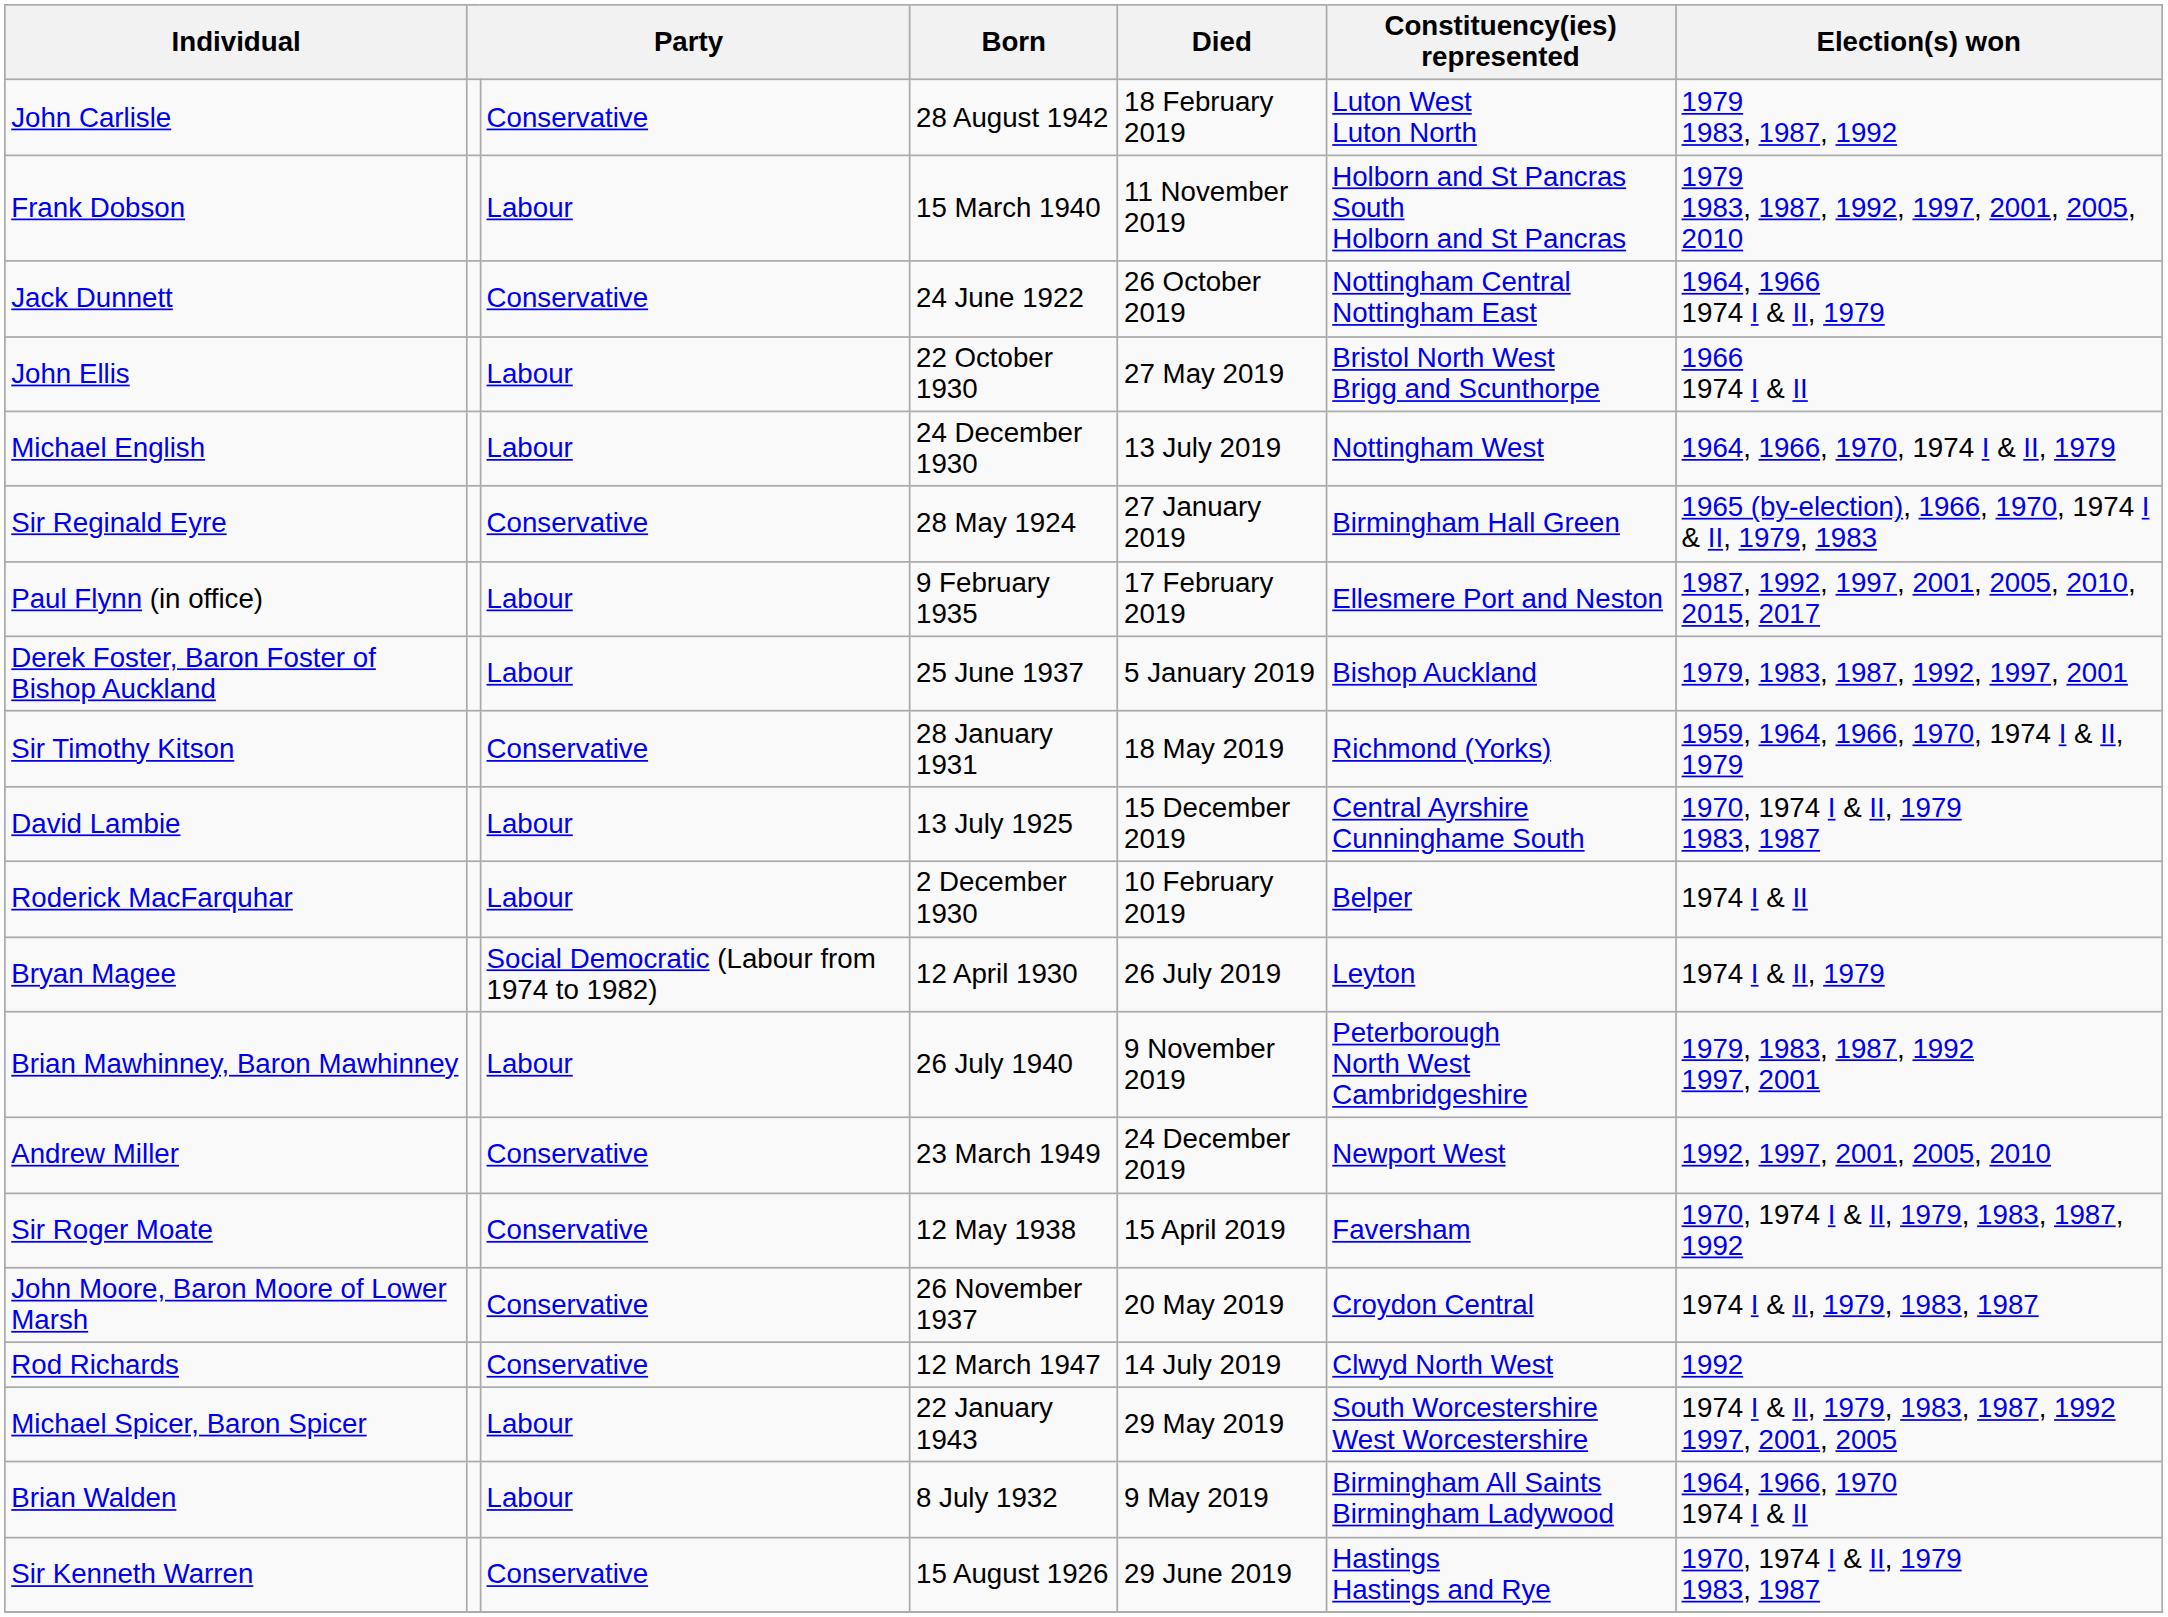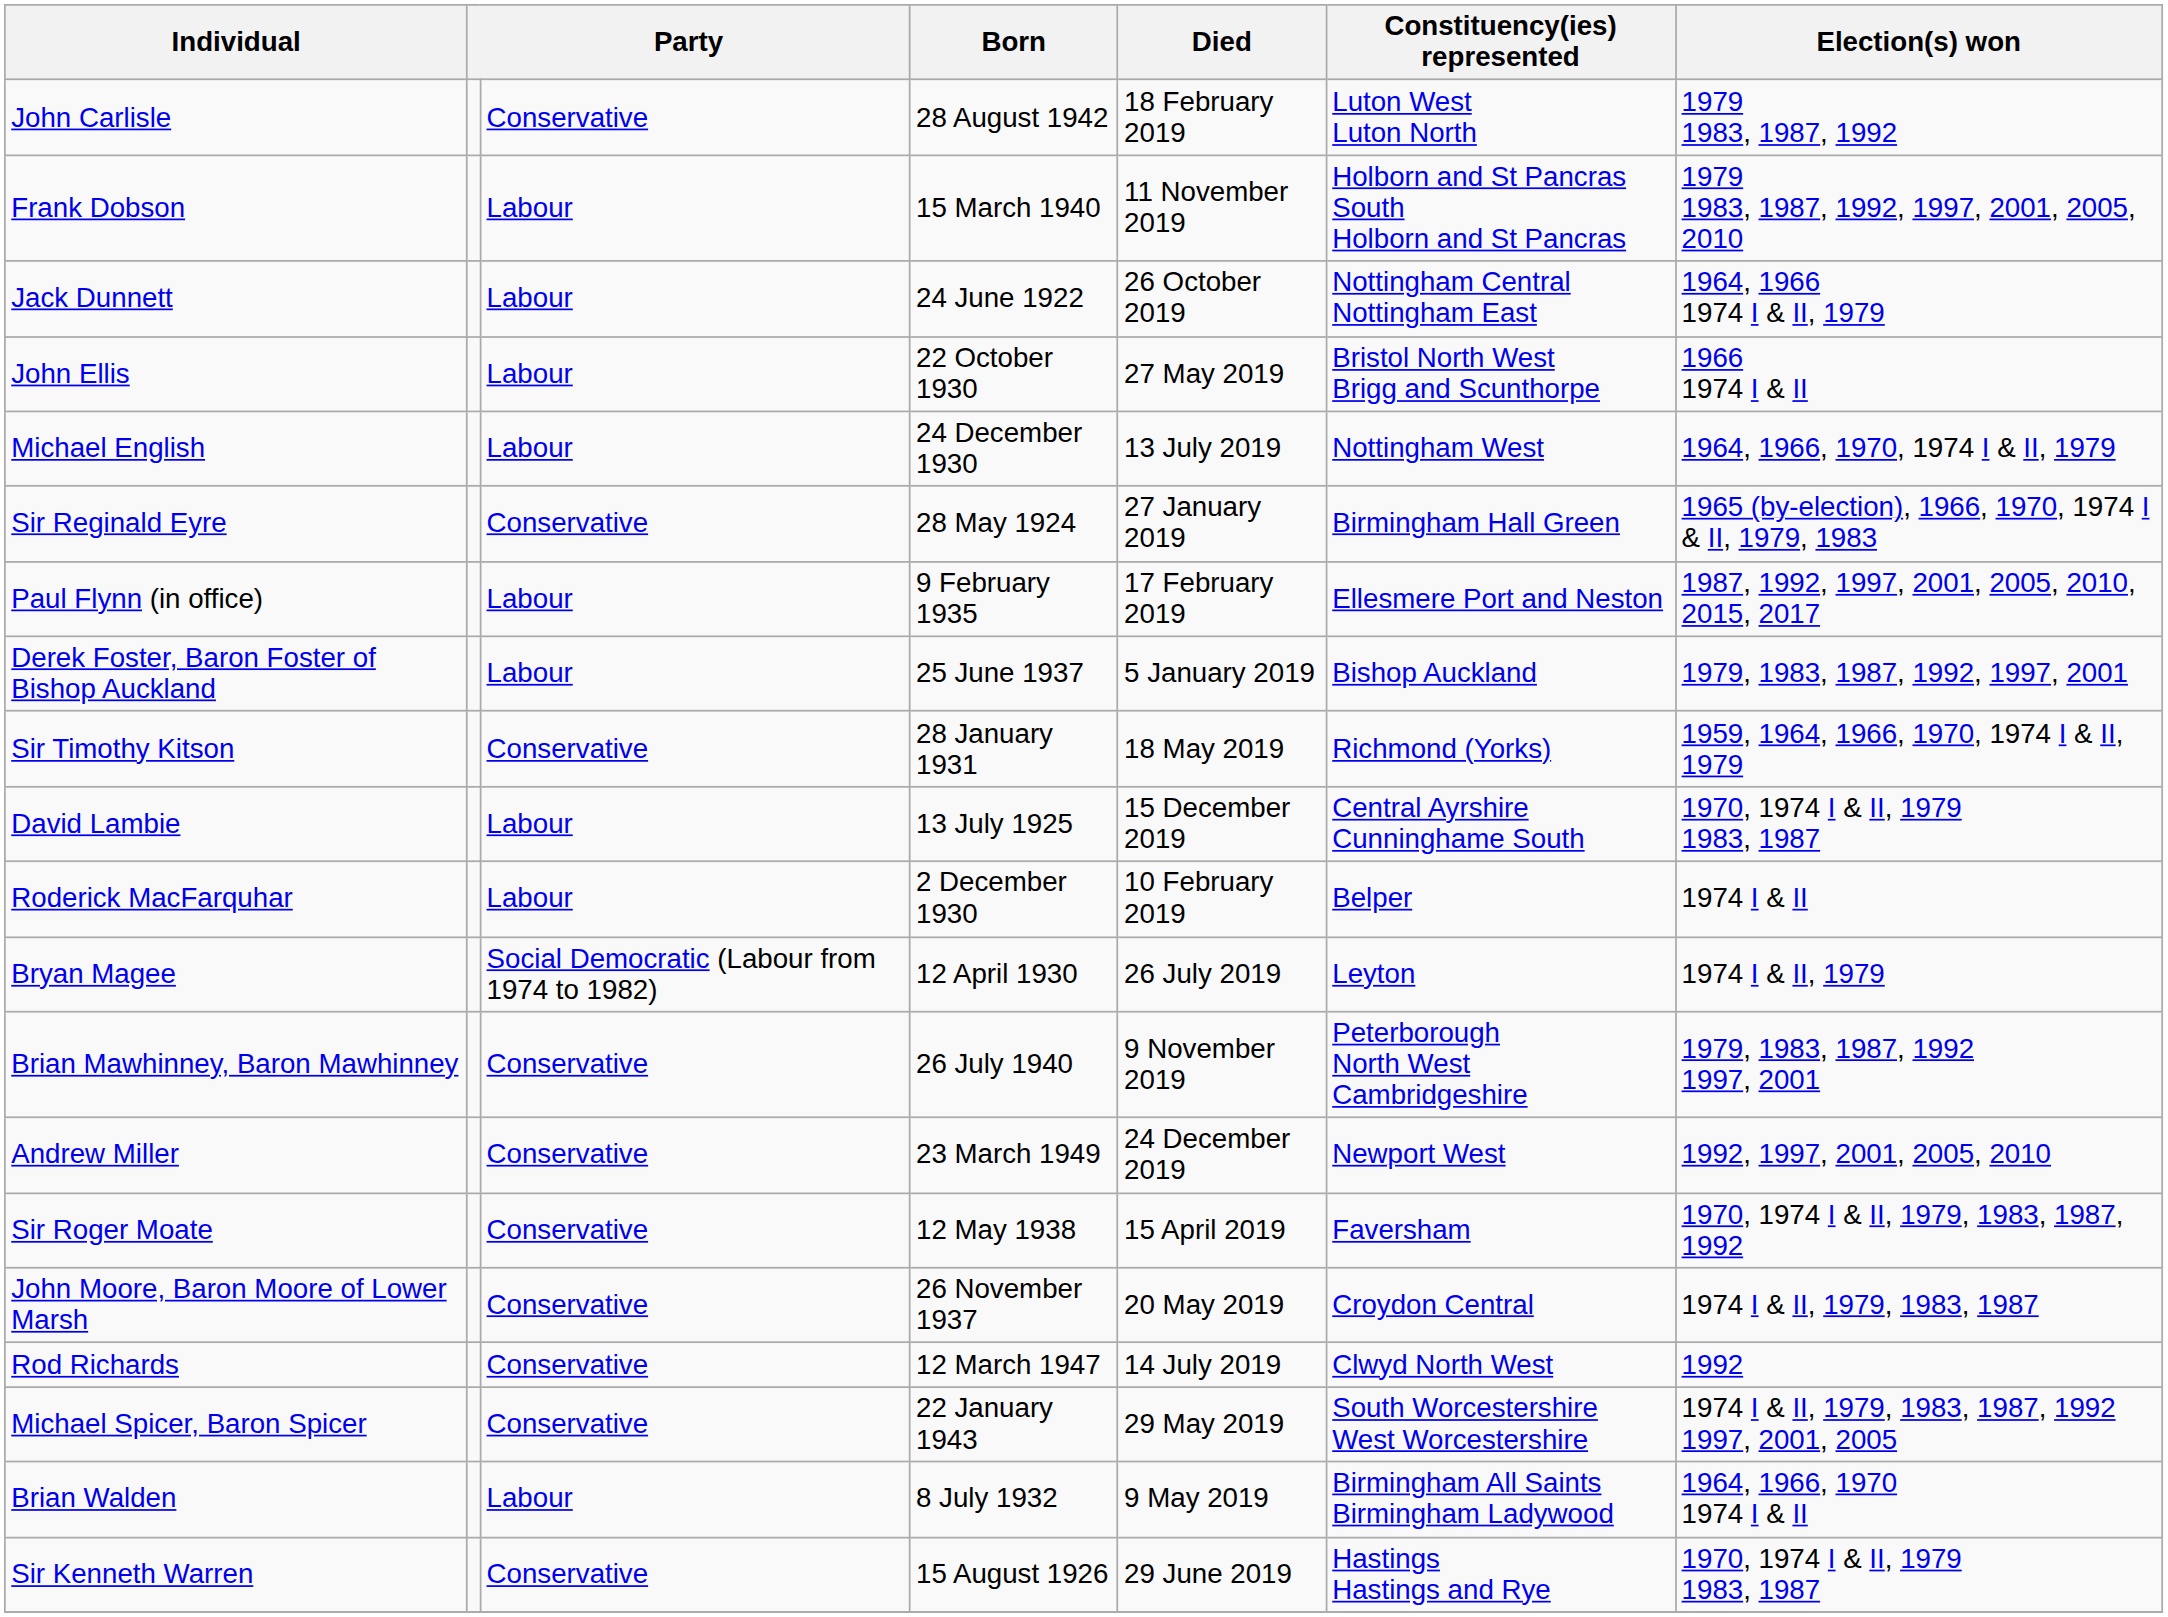 <table class="wikitable sortable">
 <tr>
 <th width="260px">Individual</th>
 <th colspan="2">Party</th>
 <th>Born</th>
 <th>Died</th>
 <th>Constituency(ies) represented</th>
 <th>Election(s) won</th>
 </tr>
 <tr>
 <td><a href='#'>John Carlisle</a></td>
 <td style="background-color: "></td>
 <td><a href='#'>Conservative</a></td>
 <td>28 August 1942</td>
 <td>18 February 2019</td>
 <td><a href='#'>Luton West</a><br><a href='#'>Luton North</a></td>
 <td><a href='#'>1979</a><br><a href='#'>1983</a>, <a href='#'>1987</a>, <a href='#'>1992</a></td>
 </tr>
 <tr>
 <td><a href='#'>Frank Dobson</a></td>
 <td style="background-color: "></td>
 <td><a href='#'>Labour</a></td>
 <td>15 March 1940</td>
 <td>11 November 2019</td>
 <td><a href='#'>Holborn and St Pancras South</a><br><a href='#'>Holborn and St Pancras</a></td>
 <td><a href='#'>1979</a><br><a href='#'>1983</a>, <a href='#'>1987</a>, <a href='#'>1992</a>, <a href='#'>1997</a>, <a href='#'>2001</a>, <a href='#'>2005</a>, <a href='#'>2010</a></td>
 </tr>
 <tr>
 <td><a href='#'>Jack Dunnett</a></td>
 <td style="background-color: "></td>
-<td><a href='#'>Conservative</a></td>
+<td><a href='#'>Labour</a></td>
 <td>24 June 1922</td>
 <td>26 October 2019</td>
 <td><a href='#'>Nottingham Central</a><br><a href='#'>Nottingham East</a></td>
 <td><a href='#'>1964</a>, <a href='#'>1966</a><br>1974 <a href='#'>I</a> & <a href='#'>II</a>, <a href='#'>1979</a></td>
 </tr>
 <tr>
 <td><a href='#'>John Ellis</a></td>
 <td style="background-color: "></td>
 <td><a href='#'>Labour</a></td>
 <td>22 October 1930</td>
 <td>27 May 2019</td>
 <td><a href='#'>Bristol North West</a><br><a href='#'>Brigg and Scunthorpe</a></td>
 <td><a href='#'>1966</a><br>1974 <a href='#'>I</a> & <a href='#'>II</a></td>
 </tr>
 <tr>
 <td><a href='#'>Michael English</a></td>
 <td style="background-color: "></td>
 <td><a href='#'>Labour</a></td>
 <td>24 December 1930</td>
 <td>13 July 2019</td>
 <td><a href='#'>Nottingham West</a></td>
 <td><a href='#'>1964</a>, <a href='#'>1966</a>, <a href='#'>1970</a>, 1974 <a href='#'>I</a> & <a href='#'>II</a>, <a href='#'>1979</a></td>
 </tr>
 <tr>
 <td><a href='#'>Sir Reginald Eyre</a></td>
 <td style="background-color: "></td>
 <td><a href='#'>Conservative</a></td>
 <td>28 May 1924</td>
 <td>27 January 2019</td>
 <td><a href='#'>Birmingham Hall Green</a></td>
 <td><a href='#'>1965 (by-election)</a>, <a href='#'>1966</a>, <a href='#'>1970</a>, 1974 <a href='#'>I</a> & <a href='#'>II</a>, <a href='#'>1979</a>, <a href='#'>1983</a></td>
 </tr>
 <tr>
 <td><a href='#'>Paul Flynn</a> (in office)</td>
 <td style="background-color: "></td>
 <td><a href='#'>Labour</a></td>
 <td>9 February 1935</td>
 <td>17 February 2019</td>
 <td><a href='#'>Ellesmere Port and Neston</a></td>
 <td><a href='#'>1987</a>, <a href='#'>1992</a>, <a href='#'>1997</a>, <a href='#'>2001</a>, <a href='#'>2005</a>, <a href='#'>2010</a>, <a href='#'>2015</a>, <a href='#'>2017</a></td>
 </tr>
 <tr>
 <td><a href='#'>Derek Foster, Baron Foster of Bishop Auckland</a></td>
 <td style="background-color: "></td>
 <td><a href='#'>Labour</a></td>
 <td>25 June 1937</td>
 <td>5 January 2019</td>
 <td><a href='#'>Bishop Auckland</a></td>
 <td><a href='#'>1979</a>, <a href='#'>1983</a>, <a href='#'>1987</a>, <a href='#'>1992</a>, <a href='#'>1997</a>, <a href='#'>2001</a></td>
 </tr>
 <tr>
 <td><a href='#'>Sir Timothy Kitson</a></td>
 <td style="background-color: "></td>
 <td><a href='#'>Conservative</a></td>
 <td>28 January 1931</td>
 <td>18 May 2019</td>
 <td><a href='#'>Richmond (Yorks)</a></td>
 <td><a href='#'>1959</a>, <a href='#'>1964</a>, <a href='#'>1966</a>, <a href='#'>1970</a>, 1974 <a href='#'>I</a> & <a href='#'>II</a>, <a href='#'>1979</a></td>
 </tr>
 <tr>
 <td><a href='#'>David Lambie</a></td>
 <td style="background-color: "></td>
 <td><a href='#'>Labour</a></td>
 <td>13 July 1925</td>
 <td>15 December 2019</td>
 <td><a href='#'>Central Ayrshire</a><br><a href='#'>Cunninghame South</a></td>
 <td><a href='#'>1970</a>, 1974 <a href='#'>I</a> & <a href='#'>II</a>, <a href='#'>1979</a><br><a href='#'>1983</a>, <a href='#'>1987</a></td>
 </tr>
 <tr>
 <td><a href='#'>Roderick MacFarquhar</a></td>
 <td style="background-color: "></td>
 <td><a href='#'>Labour</a></td>
 <td>2 December 1930</td>
 <td>10 February 2019</td>
 <td><a href='#'>Belper</a></td>
 <td>1974 <a href='#'>I</a> & <a href='#'>II</a></td>
 </tr>
 <tr>
 <td><a href='#'>Bryan Magee</a></td>
 <td style="background-color: "></td>
 <td><a href='#'>Social Democratic</a> (Labour from 1974 to 1982)</td>
 <td>12 April 1930</td>
 <td>26 July 2019</td>
 <td><a href='#'>Leyton</a></td>
 <td>1974 <a href='#'>I</a> & <a href='#'>II</a>, <a href='#'>1979</a></td>
 </tr>
 <tr>
 <td><a href='#'>Brian Mawhinney, Baron Mawhinney</a></td>
 <td style="background-color: "></td>
-<td><a href='#'>Labour</a></td>
+<td><a href='#'>Conservative</a></td>
 <td>26 July 1940</td>
 <td>9 November 2019</td>
 <td><a href='#'>Peterborough</a><br><a href='#'>North West Cambridgeshire</a></td>
 <td><a href='#'>1979</a>, <a href='#'>1983</a>, <a href='#'>1987</a>, <a href='#'>1992</a><br><a href='#'>1997</a>, <a href='#'>2001</a></td>
 </tr>
 <tr>
 <td><a href='#'>Andrew Miller</a></td>
 <td style="background-color: "></td>
 <td><a href='#'>Conservative</a></td>
 <td>23 March 1949</td>
 <td>24 December 2019</td>
 <td><a href='#'>Newport West</a></td>
 <td><a href='#'>1992</a>, <a href='#'>1997</a>, <a href='#'>2001</a>, <a href='#'>2005</a>, <a href='#'>2010</a></td>
 </tr>
 <tr>
 <td><a href='#'>Sir Roger Moate</a></td>
 <td style="background-color: "></td>
 <td><a href='#'>Conservative</a></td>
 <td>12 May 1938</td>
 <td>15 April 2019</td>
 <td><a href='#'>Faversham</a></td>
 <td><a href='#'>1970</a>, 1974 <a href='#'>I</a> & <a href='#'>II</a>, <a href='#'>1979</a>, <a href='#'>1983</a>, <a href='#'>1987</a>, <a href='#'>1992</a></td>
 </tr>
 <tr>
 <td><a href='#'>John Moore, Baron Moore of Lower Marsh</a></td>
 <td style="background-color: "></td>
 <td><a href='#'>Conservative</a></td>
 <td>26 November 1937</td>
 <td>20 May 2019</td>
 <td><a href='#'>Croydon Central</a></td>
 <td>1974 <a href='#'>I</a> & <a href='#'>II</a>, <a href='#'>1979</a>, <a href='#'>1983</a>, <a href='#'>1987</a></td>
 </tr>
 <tr>
 <td><a href='#'>Rod Richards</a></td>
 <td style="background-color: "></td>
 <td><a href='#'>Conservative</a></td>
 <td>12 March 1947</td>
 <td>14 July 2019</td>
 <td><a href='#'>Clwyd North West</a></td>
 <td><a href='#'>1992</a></td>
 </tr>
 <tr>
 <td><a href='#'>Michael Spicer, Baron Spicer</a></td>
 <td style="background-color: "></td>
-<td><a href='#'>Labour</a></td>
+<td><a href='#'>Conservative</a></td>
 <td>22 January 1943</td>
 <td>29 May 2019</td>
 <td><a href='#'>South Worcestershire</a><br><a href='#'>West Worcestershire</a></td>
 <td>1974 <a href='#'>I</a> & <a href='#'>II</a>, <a href='#'>1979</a>, <a href='#'>1983</a>, <a href='#'>1987</a>, <a href='#'>1992</a><br><a href='#'>1997</a>, <a href='#'>2001</a>, <a href='#'>2005</a></td>
 </tr>
 <tr>
 <td><a href='#'>Brian Walden</a></td>
 <td style="background-color: "></td>
 <td><a href='#'>Labour</a></td>
 <td>8 July 1932</td>
 <td>9 May 2019</td>
 <td><a href='#'>Birmingham All Saints</a><br><a href='#'>Birmingham Ladywood</a></td>
 <td><a href='#'>1964</a>, <a href='#'>1966</a>, <a href='#'>1970</a><br>1974 <a href='#'>I</a> & <a href='#'>II</a></td>
 </tr>
 <tr>
 <td><a href='#'>Sir Kenneth Warren</a></td>
 <td style="background-color: "></td>
 <td><a href='#'>Conservative</a></td>
 <td>15 August 1926</td>
 <td>29 June 2019</td>
 <td><a href='#'>Hastings</a><br><a href='#'>Hastings and Rye</a></td>
 <td><a href='#'>1970</a>, 1974 <a href='#'>I</a> & <a href='#'>II</a>, <a href='#'>1979</a><br><a href='#'>1983</a>, <a href='#'>1987</a></td>
 </tr>
 <tr>
 </tr>
 </table>
